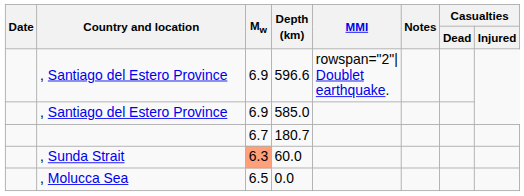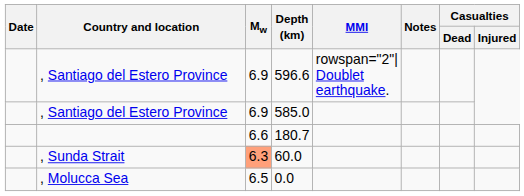 <table class="wikitable sortable sort-under" style="border:1px black; margin-left:1em;">
 <tr>
 <th rowspan="2"><small>Date</small></th>
 <th rowspan="2" style="width: 310px"><small>Country and location</small></th>
 <th rowspan="2"><small>M<sub>w</sub></small></th>
 <th rowspan="2"><small>Depth (km)</small></th>
 <th rowspan="2"><small><a href='#'>MMI</a></small></th>
 <th rowspan="2" class="unsortable"><small>Notes</small></th>
 <th colspan="2"><small>Casualties</small></th>
 </tr>
 <tr>
 <th><small>Dead</small></th>
 <th><small>Injured</small></th>
 </tr>
 <tr>
 <td></td>
 <td>, <a href='#'>Santiago del Estero Province</a></td>
 <td>6.9</td>
 <td>596.6</td>
 <td>rowspan="2"| <a href='#'>Doublet earthquake</a>.</td>
 <td></td>
 <td></td>
 </tr>
 <tr>
 <td></td>
 <td>, <a href='#'>Santiago del Estero Province</a></td>
 <td>6.9</td>
 <td>585.0</td>
 <td></td>
 <td></td>
 <td></td>
 </tr>
 <tr>
 <td></td>
 <td></td>
-<td>6.7</td>
+<td>6.6</td>
 <td>180.7</td>
 <td></td>
 <td></td>
 <td></td>
 <td></td>
 </tr>
 <tr>
 <td></td>
 <td>, <a href='#'>Sunda Strait</a></td>
 <td style="background: lightsalmon;">6.3</td>
 <td>60.0</td>
 <td></td>
 <td></td>
 <td></td>
 <td></td>
 </tr>
 <tr>
 <td></td>
 <td>, <a href='#'>Molucca Sea</a></td>
 <td>6.5</td>
 <td>0.0</td>
 <td></td>
 <td></td>
 <td></td>
 <td></td>
 </tr>
 </table>
